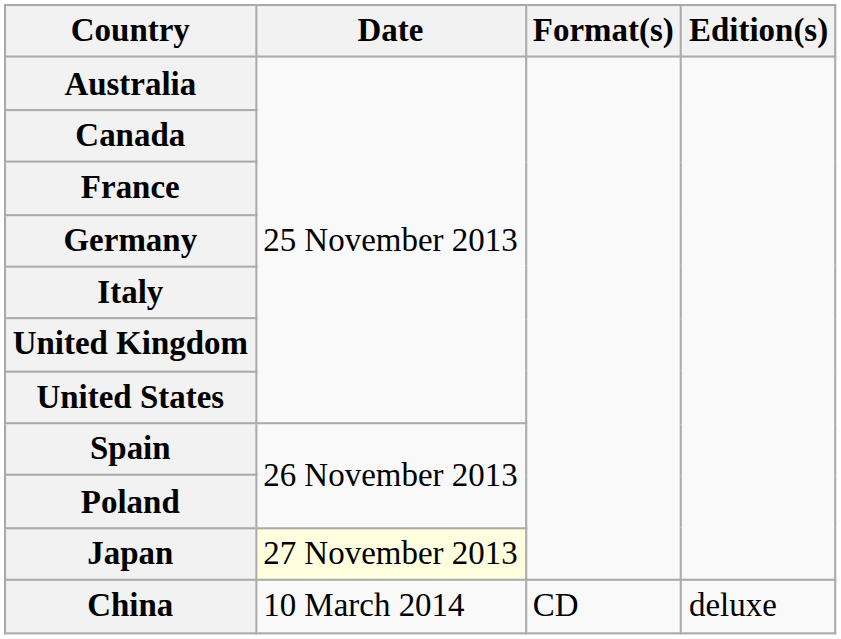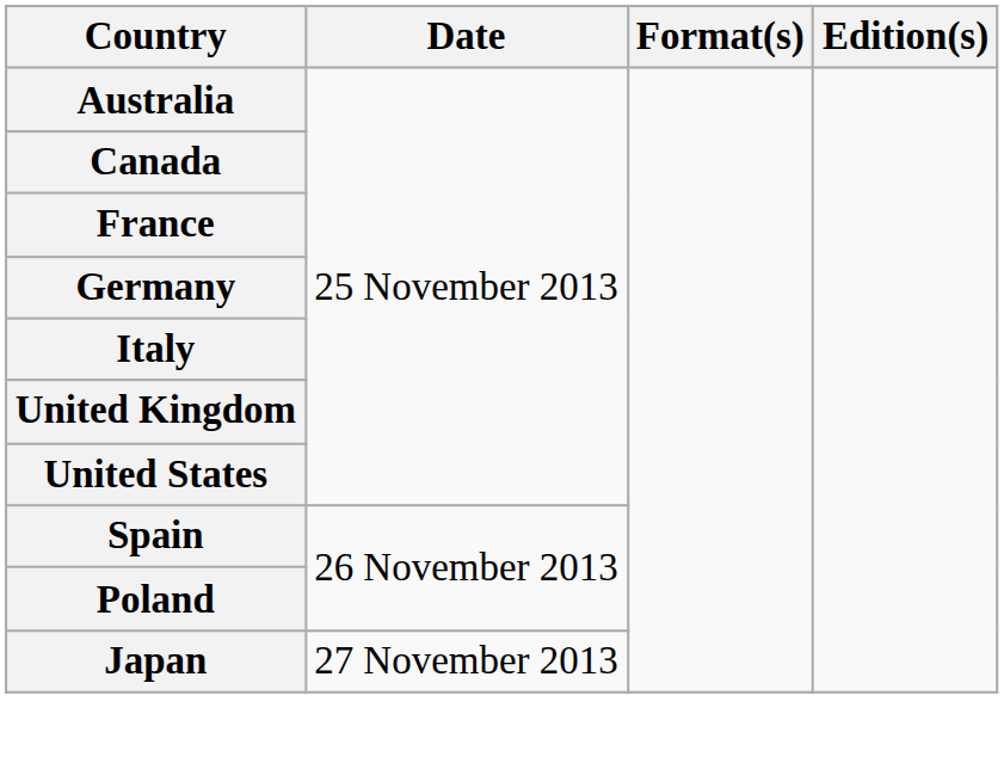 <table class="wikitable plainrowheaders">
 <tr>
 <th scope="col">Country</th>
 <th>Date</th>
 <th>Format(s)</th>
 <th>Edition(s)</th>
 </tr>
 <tr>
 <th scope="row">Australia</th>
 <td rowspan="7">25 November 2013</td>
 <td rowspan="10"></td>
 <td rowspan="10"></td>
 </tr>
 <tr>
 <th scope="row">Canada</th>
 </tr>
 <tr>
 <th scope="row">France</th>
 </tr>
 <tr>
 <th scope="row">Germany</th>
 </tr>
 <tr>
 <th scope="row">Italy</th>
 </tr>
 <tr>
 <th scope="row">United Kingdom</th>
 </tr>
 <tr>
 <th scope="row">United States</th>
 </tr>
 <tr>
 <th scope="row">Spain</th>
 <td rowspan="2">26 November 2013</td>
 </tr>
 <tr>
 <th scope="row">Poland</th>
 </tr>
 <tr>
 <th scope="row">Japan</th>
-<td style="background: lightyellow;">27 November 2013</td>
-</tr>
-<tr>
-<th scope="row">China</th>
-<td>10 March 2014</td>
-<td>CD</td>
-<td>deluxe</td>
+<td>27 November 2013</td>
 </tr>
 </table>
